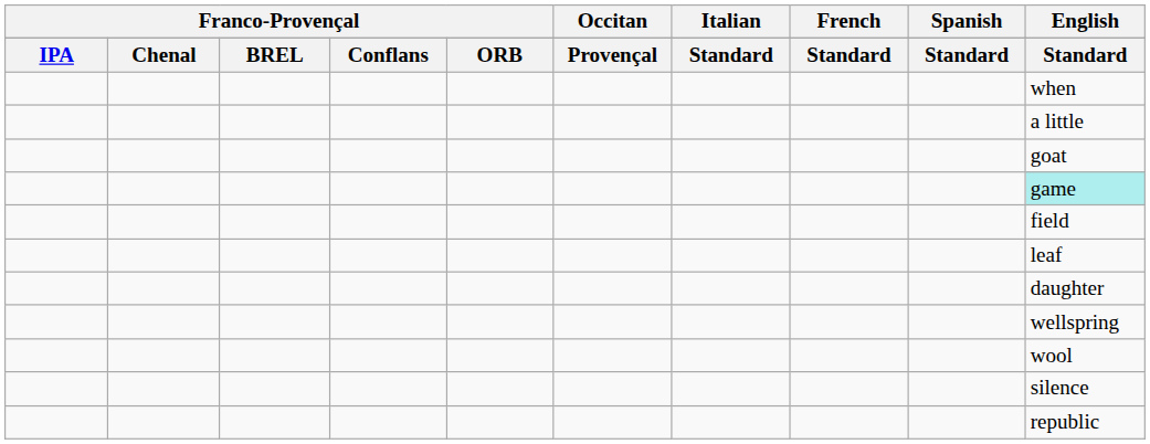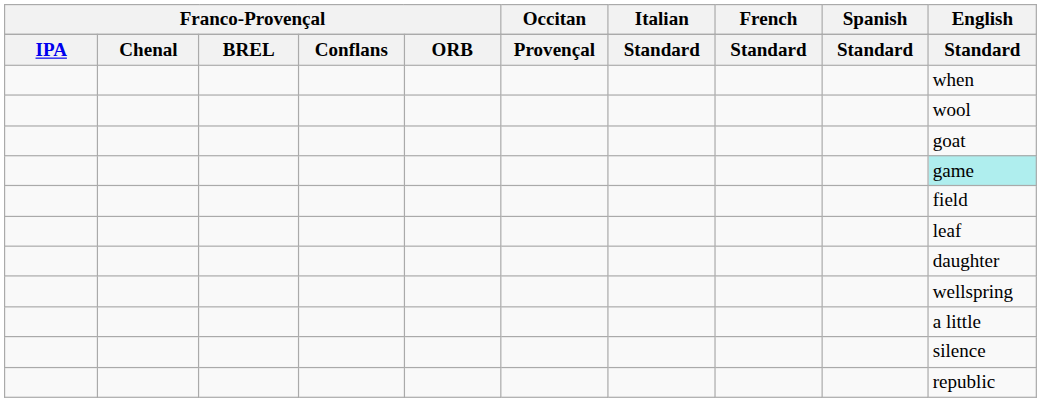 <table class="wikitable">
 <tr style="background:#f9f9f9;">
 <th colspan="5" style="width:90px;">Franco-Provençal</th>
 <th style="width:90px;">Occitan</th>
 <th style="width:90px;">Italian</th>
 <th style="width:90px;">French</th>
 <th style="width:90px;">Spanish</th>
 <th style="width:90px;">English</th>
 </tr>
 <tr>
 </tr>
 <tr style="background:#f9f9f9;">
 <th style="width:90px;"><a href='#'>IPA</a></th>
 <th style="width:90px;"><abbr>Chenal</abbr></th>
 <th style="width:90px;"><abbr>BREL</abbr></th>
 <th style="width:90px;"><abbr>Conflans</abbr></th>
 <th style="width:90px;"><abbr>ORB</abbr></th>
 <th style="width:90px;">Provençal</th>
 <th style="width:90px;">Standard</th>
 <th style="width:90px;">Standard</th>
 <th style="width:90px;">Standard</th>
 <th style="width:90px;">Standard</th>
 </tr>
 <tr>
 <td></td>
 <td></td>
 <td></td>
 <td></td>
 <td></td>
 <td></td>
 <td></td>
 <td></td>
 <td></td>
 <td>when</td>
 </tr>
 <tr>
 <td></td>
 <td></td>
 <td></td>
 <td></td>
 <td></td>
 <td></td>
 <td></td>
 <td></td>
 <td></td>
-<td>a little</td>
+<td>wool</td>
 </tr>
 <tr>
 <td></td>
 <td></td>
 <td></td>
 <td></td>
 <td></td>
 <td></td>
 <td></td>
 <td></td>
 <td></td>
 <td>goat</td>
 </tr>
 <tr>
 <td></td>
 <td></td>
 <td></td>
 <td></td>
 <td></td>
 <td></td>
 <td></td>
 <td></td>
 <td></td>
 <td style="background: paleturquoise;">game</td>
 </tr>
 <tr>
 <td></td>
 <td></td>
 <td></td>
 <td></td>
 <td></td>
 <td></td>
 <td></td>
 <td></td>
 <td></td>
 <td>field</td>
 </tr>
 <tr>
 <td></td>
 <td></td>
 <td></td>
 <td></td>
 <td></td>
 <td></td>
 <td></td>
 <td></td>
 <td></td>
 <td>leaf</td>
 </tr>
 <tr>
 <td></td>
 <td></td>
 <td></td>
 <td></td>
 <td></td>
 <td></td>
 <td></td>
 <td></td>
 <td></td>
 <td>daughter</td>
 </tr>
 <tr>
 <td></td>
 <td></td>
 <td></td>
 <td></td>
 <td></td>
 <td></td>
 <td></td>
 <td></td>
 <td></td>
 <td>wellspring</td>
 </tr>
 <tr>
 <td></td>
 <td></td>
 <td></td>
 <td></td>
 <td></td>
 <td></td>
 <td></td>
 <td></td>
 <td></td>
-<td>wool</td>
+<td>a little</td>
 </tr>
 <tr>
 <td></td>
 <td></td>
 <td></td>
 <td></td>
 <td></td>
 <td></td>
 <td></td>
 <td></td>
 <td></td>
 <td>silence</td>
 </tr>
 <tr>
 <td></td>
 <td></td>
 <td></td>
 <td></td>
 <td></td>
 <td></td>
 <td></td>
 <td></td>
 <td></td>
 <td>republic</td>
 </tr>
 </table>
